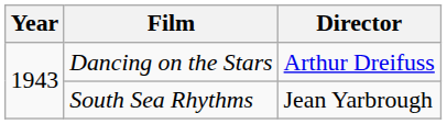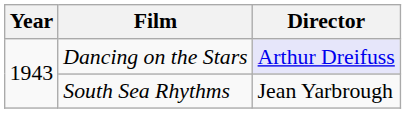 <table class="wikitable">
 <tr>
 <th>Year</th>
 <th>Film</th>
 <th>Director</th>
 </tr>
 <tr>
 <td rowspan=2>1943</td>
 <td><em>Dancing on the Stars</em></td>
-<td><a href='#'>Arthur Dreifuss</a></td>
+<td style="background: lavender;"><a href='#'>Arthur Dreifuss</a></td>
 </tr>
 <tr>
 <td><em>South Sea Rhythms</em></td>
 <td>Jean Yarbrough</td>
 </tr>
 </table>
